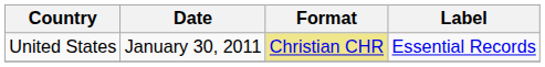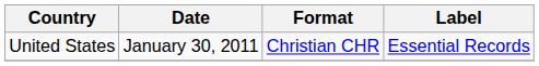 <table class="wikitable unsortable plainrowheaders">
 <tr>
 <th scope="col">Country</th>
 <th scope="col">Date</th>
 <th scope="col">Format</th>
 <th scope="col">Label</th>
 </tr>
 <tr>
 <td>United States</td>
 <td>January 30, 2011</td>
-<td style="background: khaki;"><a href='#'>Christian CHR</a></td>
+<td><a href='#'>Christian CHR</a></td>
 <td><a href='#'>Essential Records</a></td>
 </tr>
 <tr>
 </tr>
 </table>
